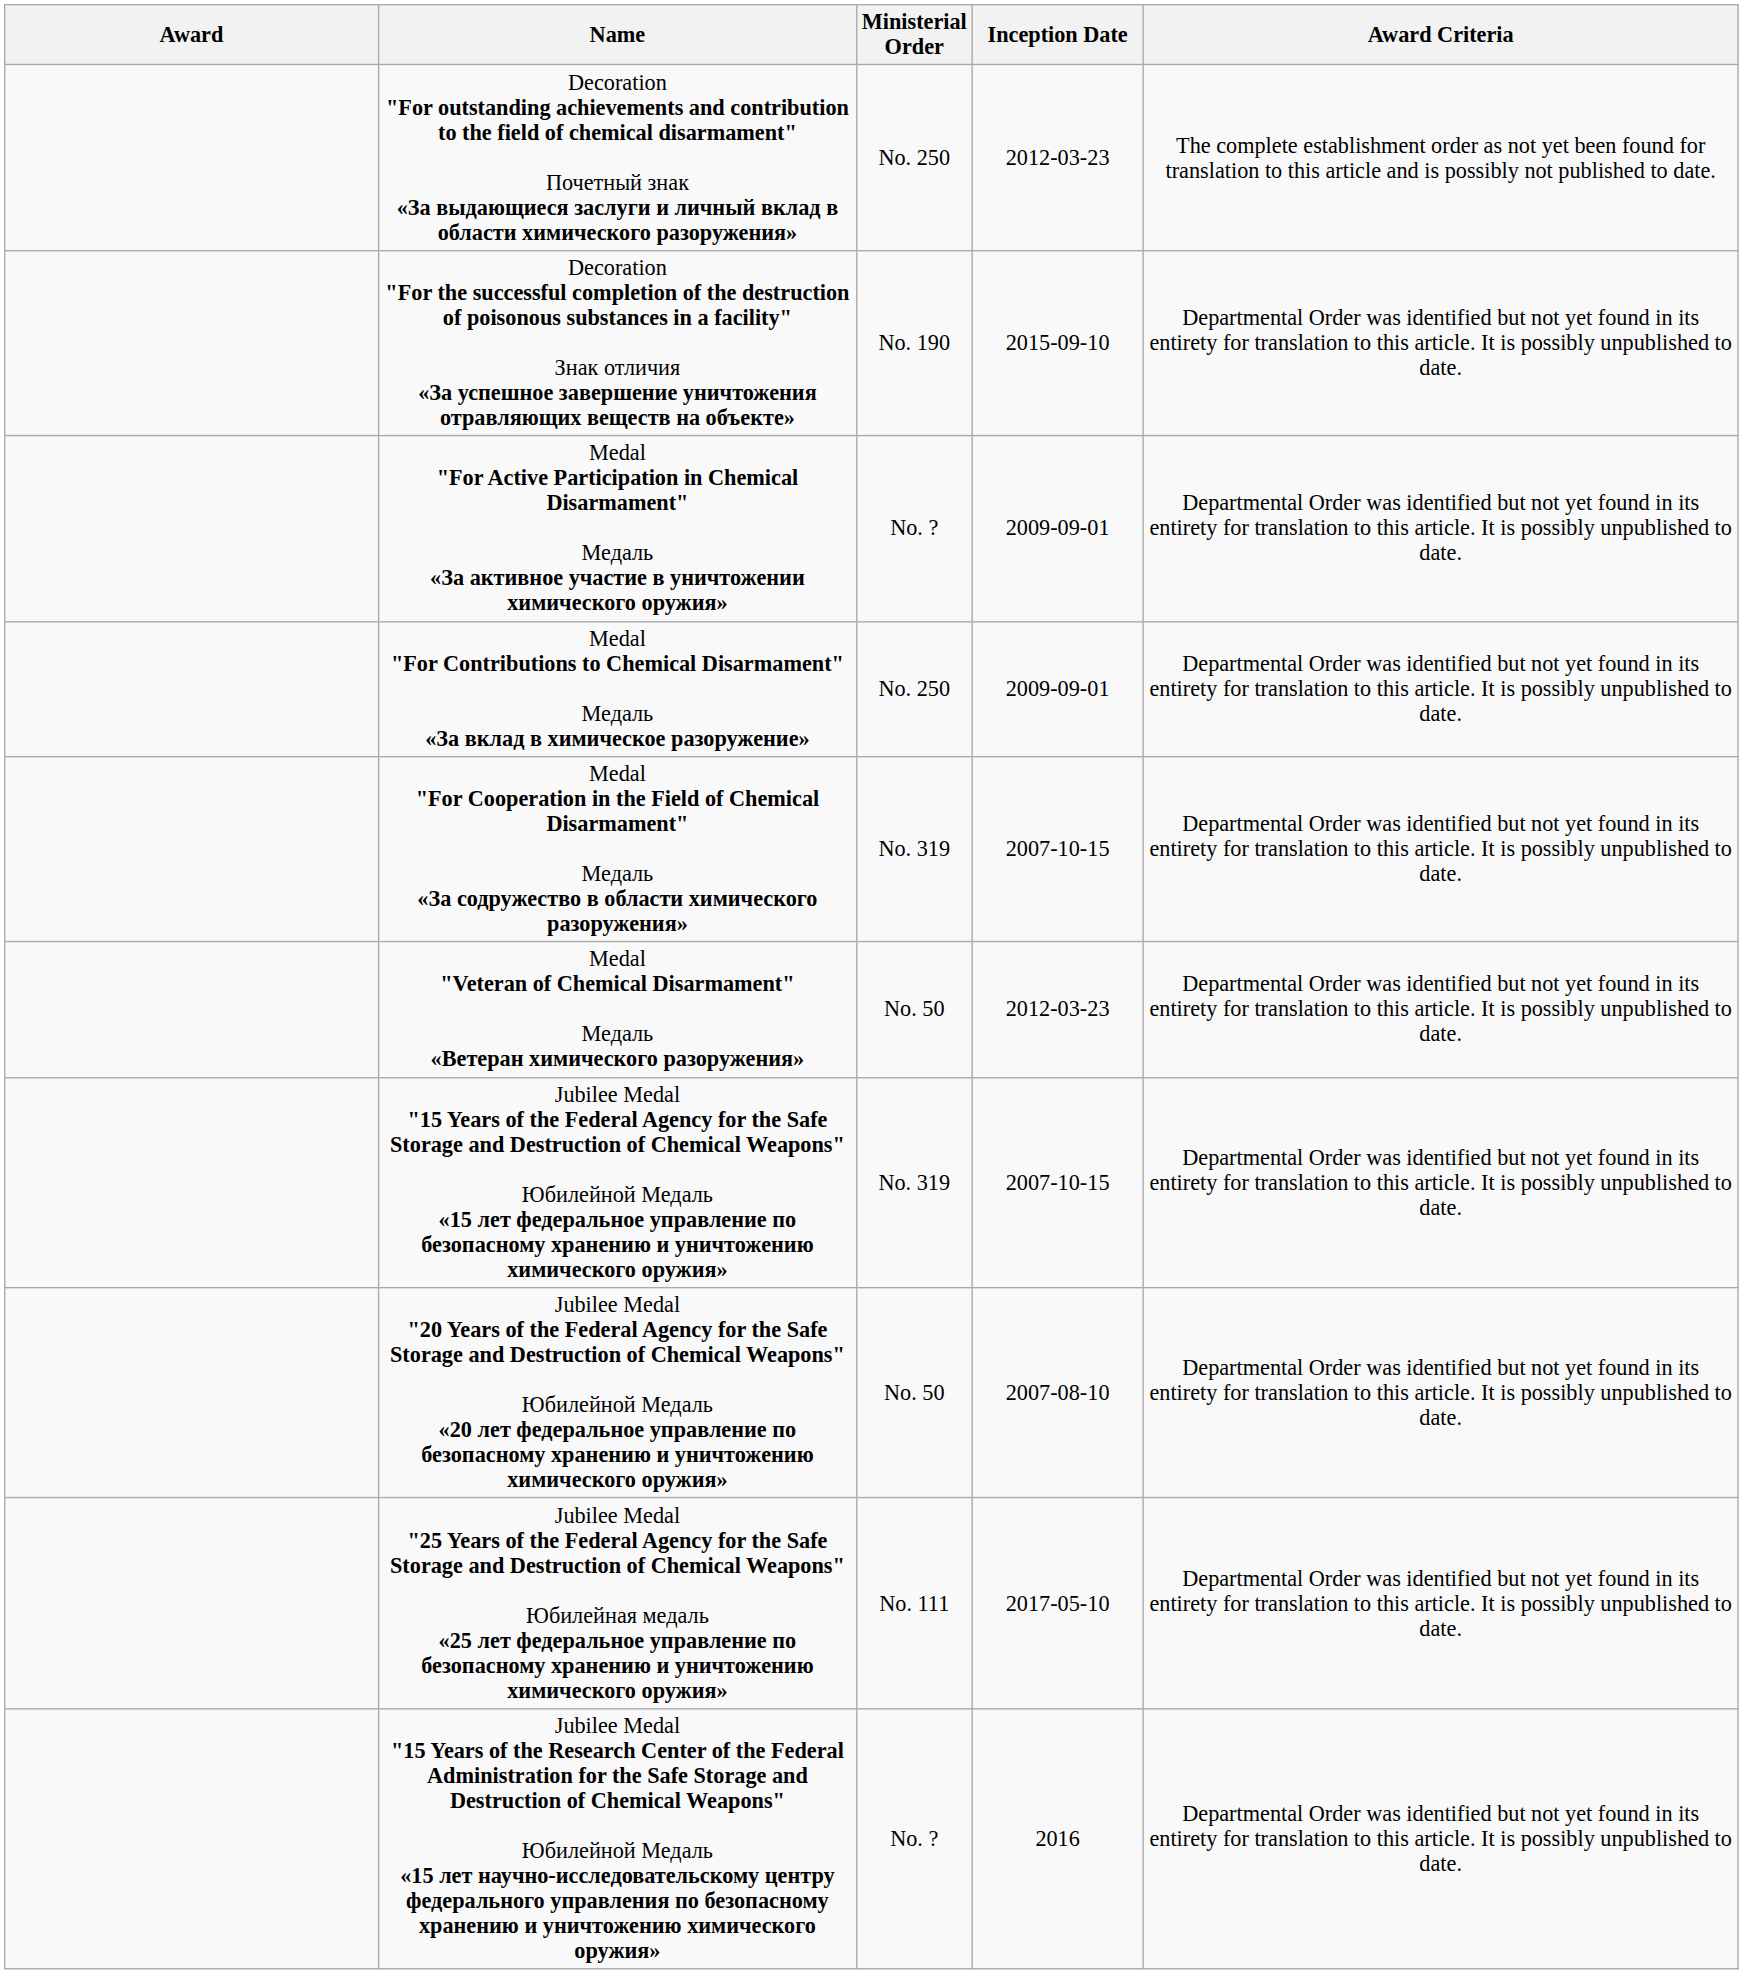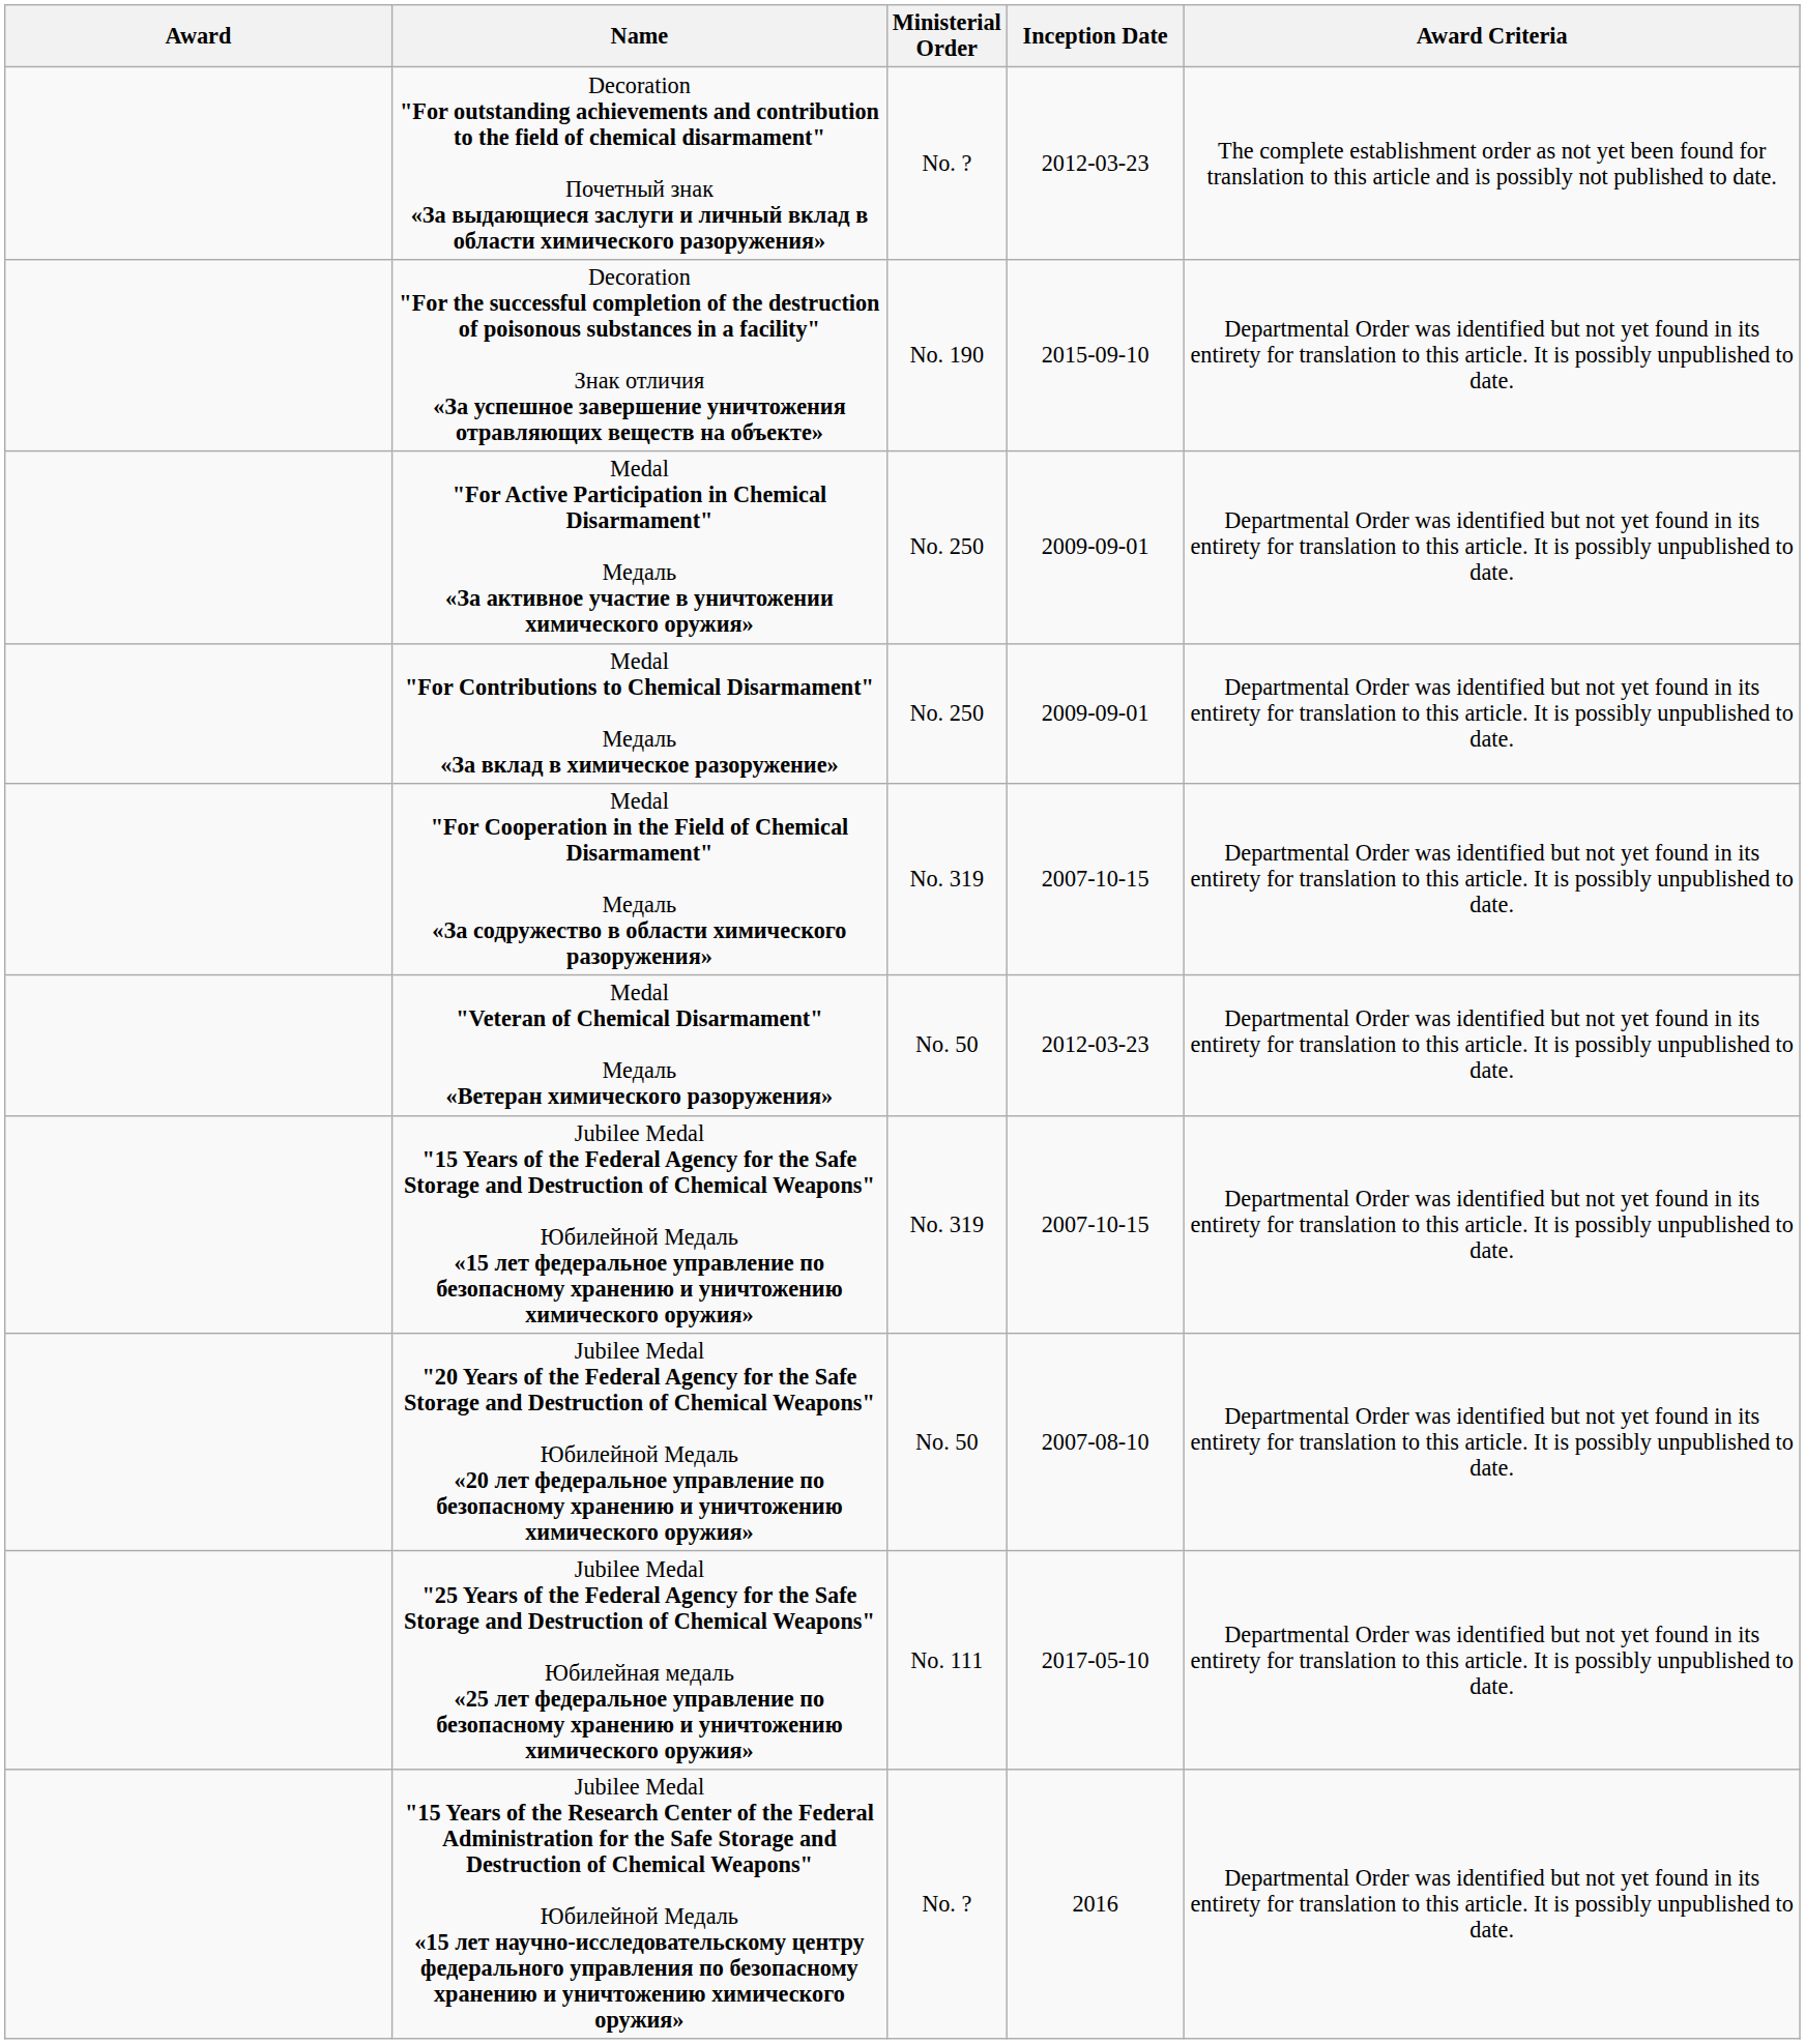 <table class="wikitable sortable" style="text-align:center">
 <tr>
 <th style="width:22%">Award</th>
 <th style="width:28%">Name </th>
 <th>Ministerial Order</th>
 <th style="width:10%">Inception Date</th>
 <th style="width:35%">Award Criteria</th>
 </tr>
 <tr>
 <td><br></td>
 <td>Decoration<br><strong>"For outstanding achievements and contribution to the field of chemical disarmament"</strong><br><br>Почетный знак<br><strong>«За выдающиеся заслуги и личный вклад в области химического разоружения»</strong></td>
-<td>No. 250</td>
+<td>No. ?</td>
 <td>2012-03-23</td>
 <td>The complete establishment order as not yet been found for translation to this article and is possibly not published to date.</td>
 </tr>
 <tr>
 <td><br></td>
 <td>Decoration<br><strong>"For the successful completion of the destruction of poisonous substances in a facility"</strong><br><br>Знак отличия <br><strong>«За успешное завершение уничтожения отравляющих веществ на объекте»</strong></td>
 <td>No. 190</td>
 <td>2015-09-10</td>
 <td>Departmental Order was identified but not yet found in its entirety for translation to this article. It is possibly unpublished to date.</td>
 </tr>
 <tr>
 <td><br></td>
 <td>Medal<br><strong>"For Active Participation in Chemical Disarmament"</strong><br><br>Медаль<br><strong>«За активное участие в уничтожении химического оружия»</strong></td>
-<td>No. ?</td>
+<td>No. 250</td>
 <td>2009-09-01</td>
 <td>Departmental Order was identified but not yet found in its entirety for translation to this article. It is possibly unpublished to date.</td>
 </tr>
 <tr>
 <td><br></td>
 <td>Medal<br><strong>"For Contributions to Chemical Disarmament"</strong><br><br>Медаль<br><strong>«За вклад в химическое разоружение»</strong></td>
 <td>No. 250</td>
 <td>2009-09-01</td>
 <td>Departmental Order was identified but not yet found in its entirety for translation to this article. It is possibly unpublished to date.</td>
 </tr>
 <tr>
 <td><br></td>
 <td>Medal<br><strong>"For Cooperation in the Field of Chemical Disarmament"</strong><br><br>Медаль<br><strong>«За содружество в области химического разоружения»</strong></td>
 <td>No. 319</td>
 <td>2007-10-15</td>
 <td>Departmental Order was identified but not yet found in its entirety for translation to this article. It is possibly unpublished to date.</td>
 </tr>
 <tr>
 <td><br></td>
 <td>Medal<br><strong>"Veteran of Chemical Disarmament"</strong><br><br>Медаль<br><strong>«Ветеран химического разоружения»</strong></td>
 <td>No. 50</td>
 <td>2012-03-23</td>
 <td>Departmental Order was identified but not yet found in its entirety for translation to this article. It is possibly unpublished to date.</td>
 </tr>
 <tr>
 <td><br></td>
 <td>Jubilee Medal<br><strong>"15 Years of the Federal Agency for the Safe Storage and Destruction of Chemical Weapons"</strong><br><br>Юбилейной Медаль<br><strong>«15 лет федеральное управление по безопасному хранению и уничтожению химического оружия»</strong></td>
 <td>No. 319</td>
 <td>2007-10-15</td>
 <td>Departmental Order was identified but not yet found in its entirety for translation to this article. It is possibly unpublished to date.</td>
 </tr>
 <tr>
 <td><br></td>
 <td>Jubilee Medal<br><strong>"20 Years of the Federal Agency for the Safe Storage and Destruction of Chemical Weapons"</strong><br><br>Юбилейной Медаль<br><strong>«20 лет федеральное управление по безопасному хранению и уничтожению химического оружия»</strong></td>
 <td>No. 50</td>
 <td>2007-08-10</td>
 <td>Departmental Order was identified but not yet found in its entirety for translation to this article. It is possibly unpublished to date.</td>
 </tr>
 <tr>
 <td><br></td>
 <td>Jubilee Medal<br><strong>"25 Years of the Federal Agency for the Safe Storage and Destruction of Chemical Weapons"</strong><br><br>Юбилейная медаль<br><strong>«25 лет федеральное управление по безопасному хранению и уничтожению химического оружия»</strong></td>
 <td>No. 111</td>
 <td>2017-05-10</td>
 <td>Departmental Order was identified but not yet found in its entirety for translation to this article. It is possibly unpublished to date.</td>
 </tr>
 <tr>
 <td><br></td>
 <td>Jubilee Medal<br><strong>"15 Years of the Research Center of the Federal Administration for the Safe Storage and Destruction of Chemical Weapons"</strong><br><br>Юбилейной Медаль<br><strong>«15 лет научно-исследовательскому центру федерального управления по безопасному хранению и уничтожению химического оружия»</strong></td>
 <td>No. ?</td>
 <td>2016</td>
 <td>Departmental Order was identified but not yet found in its entirety for translation to this article. It is possibly unpublished to date.</td>
 </tr>
 </table>
